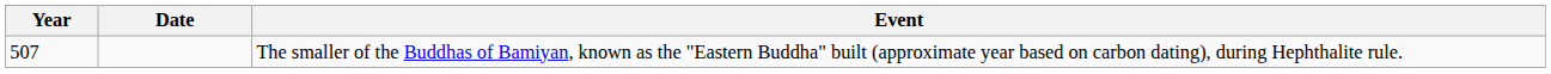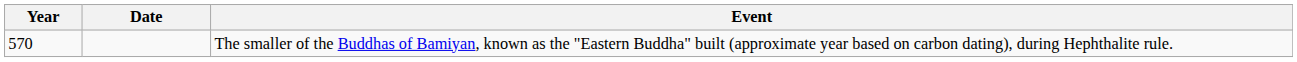 <table class="wikitable" width="100%">
 <tr>
 <th style="width:6%">Year</th>
 <th style="width:10%">Date</th>
 <th>Event</th>
 </tr>
 <tr>
-<td>507</td>
+<td>570</td>
 <td></td>
 <td>The smaller of the <a href='#'>Buddhas of Bamiyan</a>, known as the "Eastern Buddha" built (approximate year based on carbon dating), during Hephthalite rule.</td>
 </tr>
 </table>
